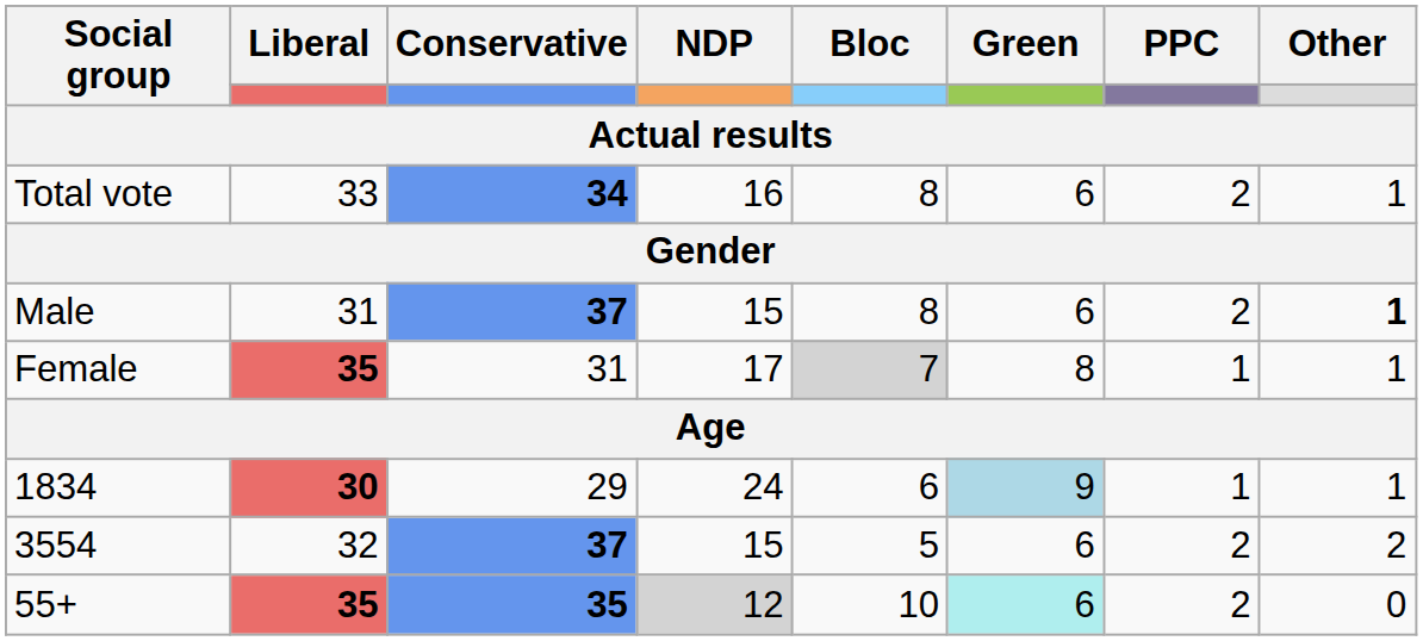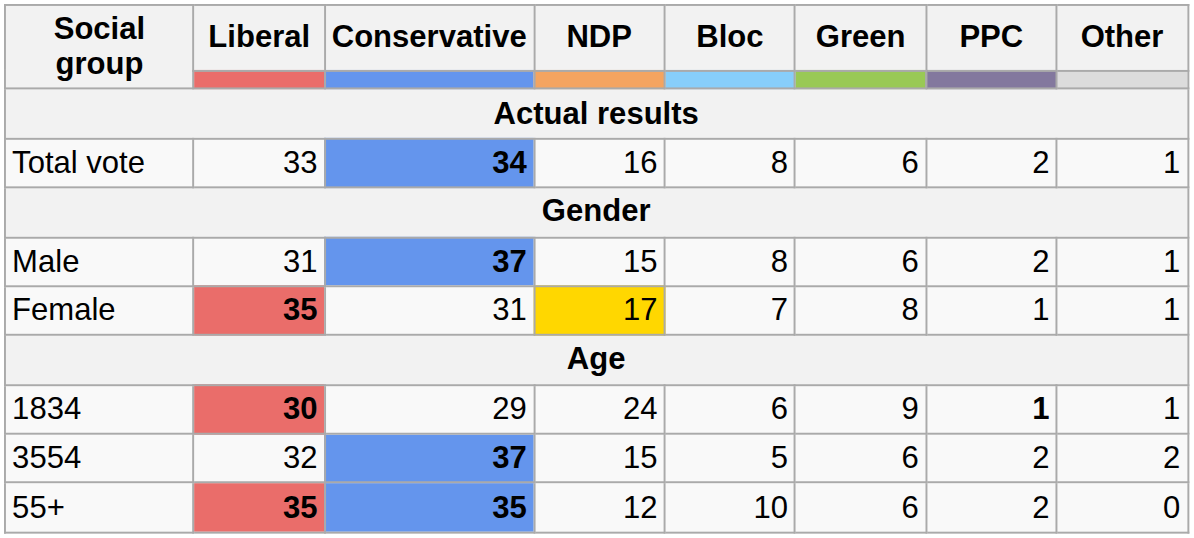 <table class="wikitable" style="text-align:right">
 <tr>
 <th style="width:90px;" rowspan="2">Social group</th>
 <th style="width:60px;">Liberal</th>
 <th style="width:60px;">Conservative</th>
 <th style="width:60px;">NDP</th>
 <th style="width:60px;">Bloc</th>
 <th style="width:60px;">Green</th>
 <th style="width:60px;">PPC</th>
 <th style="width:60px;">Other</th>
 </tr>
 <tr>
 <th style="background-color:#EA6D6A;"></th>
 <th style="background-color:#6495ED;"></th>
 <th style="background-color:#F4A460;"></th>
 <th style="background-color:#87CEFA;"></th>
 <th style="background-color:#99C955;"></th>
 <th style="background-color:#83789E;"></th>
 <th style="background-color:#DCDCDC;"></th>
 </tr>
 <tr>
 <th colspan="8">Actual results</th>
 </tr>
 <tr>
 <td style="text-align:left">Total vote</td>
 <td>33</td>
 <td style="background-color:#6495ED;"><strong>34</strong></td>
 <td>16</td>
 <td>8</td>
 <td>6</td>
 <td>2</td>
 <td>1</td>
 </tr>
 <tr>
 <th colspan="8">Gender</th>
 </tr>
 <tr>
 <td style="text-align:left">Male</td>
 <td>31</td>
 <td style="background-color:#6495ED;"><strong>37</strong></td>
 <td>15</td>
 <td>8</td>
 <td>6</td>
 <td>2</td>
-<td><strong>1</strong></td>
+<td>1</td>
 </tr>
 <tr>
 <td style="text-align:left">Female</td>
 <td style="background-color:#EA6D6A;"><strong>35</strong></td>
 <td>31</td>
-<td>17</td>
-<td style="background: lightgrey;">7</td>
+<td style="background: gold;">17</td>
+<td>7</td>
 <td>8</td>
 <td>1</td>
 <td>1</td>
 </tr>
 <tr>
 <th colspan="8">Age</th>
 </tr>
 <tr>
 <td style="text-align:left">1834</td>
 <td style="background-color:#EA6D6A;"><strong>30</strong></td>
 <td>29</td>
 <td>24</td>
 <td>6</td>
-<td style="background: lightblue;">9</td>
-<td>1</td>
+<td>9</td>
+<td><strong>1</strong></td>
 <td>1</td>
 </tr>
 <tr>
 <td style="text-align:left">3554</td>
 <td>32</td>
 <td style="background-color:#6495ED;"><strong>37</strong></td>
 <td>15</td>
 <td>5</td>
 <td>6</td>
 <td>2</td>
 <td>2</td>
 </tr>
 <tr>
 <td style="text-align:left">55+</td>
 <td style="background-color:#EA6D6A;"><strong>35</strong></td>
 <td style="background-color:#6495ED;"><strong>35</strong></td>
-<td style="background: lightgrey;">12</td>
+<td>12</td>
 <td>10</td>
-<td style="background: paleturquoise;">6</td>
+<td>6</td>
 <td>2</td>
 <td>0</td>
 </tr>
 </table>
